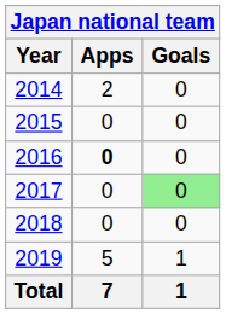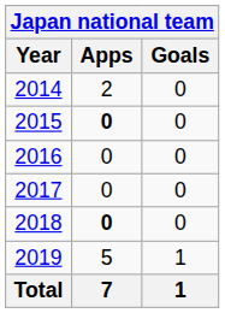 <table class="wikitable" style="text-align:center">
 <tr>
 <th colspan=3><a href='#'>Japan national team</a></th>
 </tr>
 <tr>
 <th>Year</th>
 <th>Apps</th>
 <th>Goals</th>
 </tr>
 <tr>
 <td><a href='#'>2014</a></td>
 <td>2</td>
 <td>0</td>
 </tr>
 <tr>
 <td><a href='#'>2015</a></td>
-<td>0</td>
+<td><strong>0</strong></td>
 <td>0</td>
 </tr>
 <tr>
 <td><a href='#'>2016</a></td>
-<td><strong>0</strong></td>
+<td>0</td>
 <td>0</td>
 </tr>
 <tr>
 <td><a href='#'>2017</a></td>
 <td>0</td>
-<td style="background: lightgreen;">0</td>
+<td>0</td>
 </tr>
 <tr>
 <td><a href='#'>2018</a></td>
-<td>0</td>
+<td><strong>0</strong></td>
 <td>0</td>
 </tr>
 <tr>
 <td><a href='#'>2019</a></td>
 <td>5</td>
 <td>1</td>
 </tr>
 <tr>
 <th>Total</th>
 <th>7</th>
 <th>1</th>
 </tr>
 </table>
